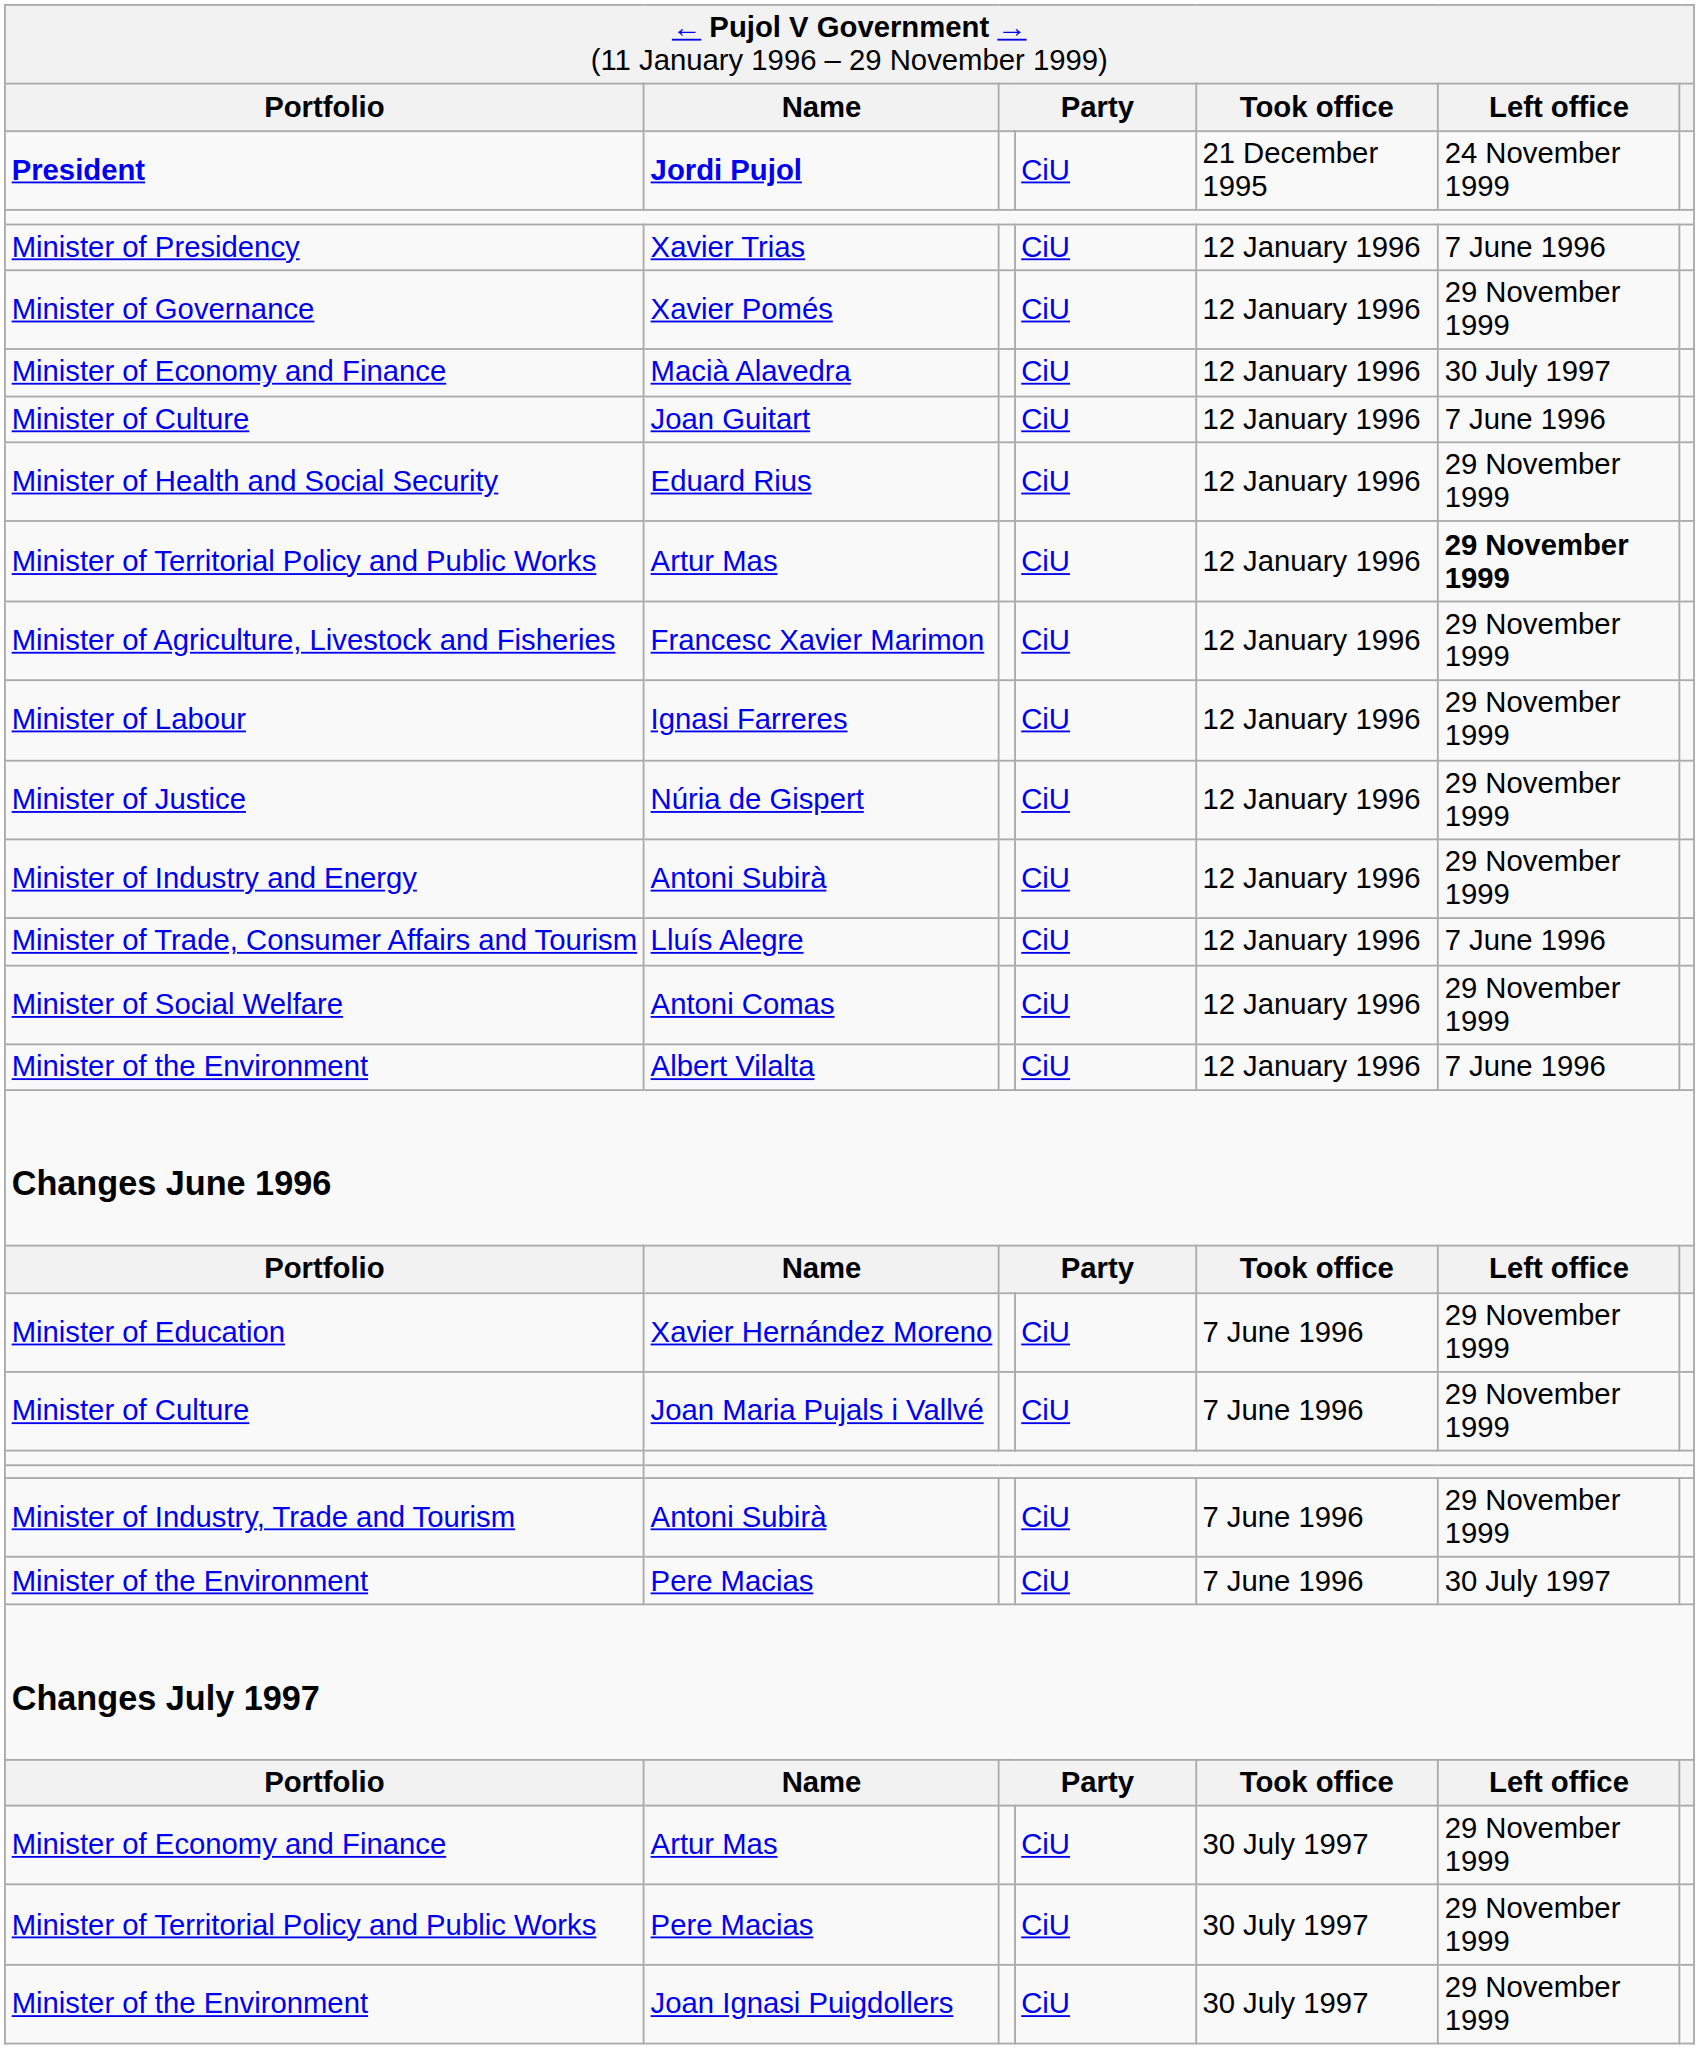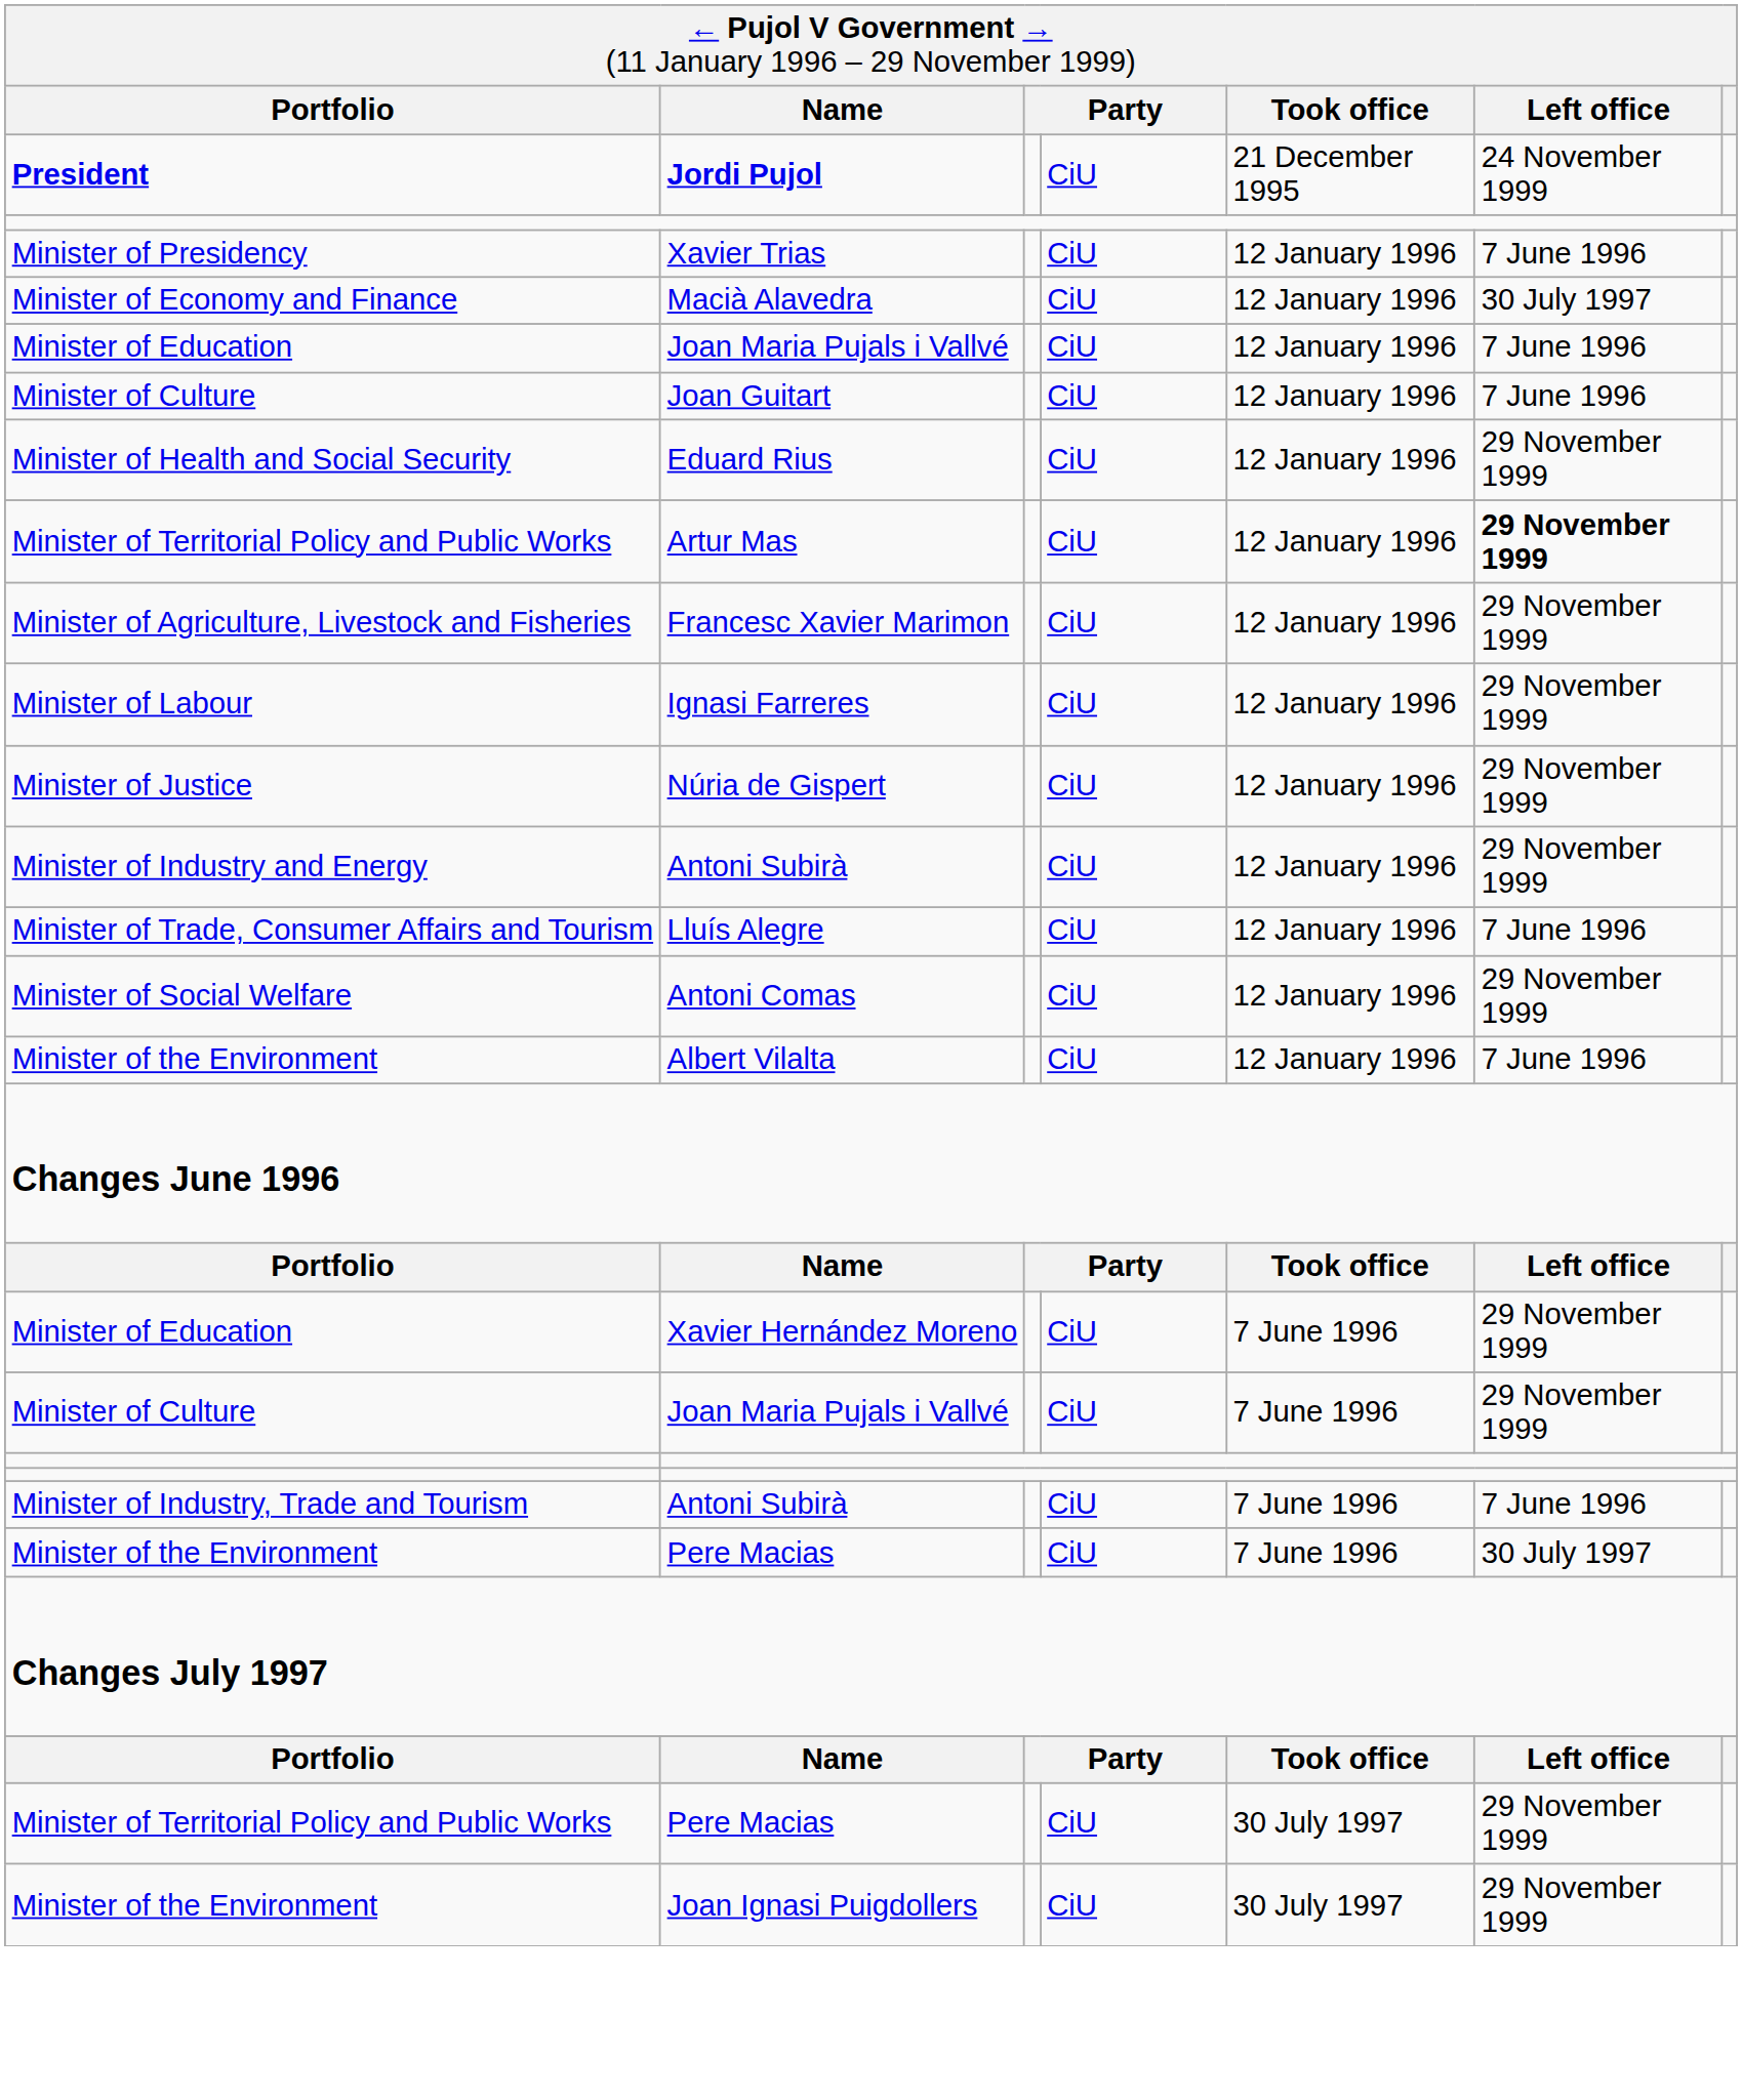 <table class="wikitable">
 <tr>
 <td colspan="7" bgcolor="#F2F2F2" align="center"><a href='#'>←</a> <strong>Pujol V Government</strong> <a href='#'>→</a><br>(11 January 1996 – 29 November 1999)</td>
 </tr>
 <tr>
 <th>Portfolio</th>
 <th>Name</th>
 <th width="100px" colspan="2">Party</th>
 <th width="125px">Took office</th>
 <th width="125px">Left office</th>
 <th></th>
 </tr>
 <tr>
 <td><strong><a href='#'>President</a></strong></td>
 <td><strong><a href='#'>Jordi Pujol</a></strong></td>
 <td width="1" style="background-color:"></td>
 <td><a href='#'>CiU</a> </td>
 <td>21 December 1995</td>
 <td>24 November 1999</td>
 <td align="center"></td>
 </tr>
 <tr>
 <td colspan="7"></td>
 </tr>
 <tr>
 <td><a href='#'>Minister of Presidency</a></td>
 <td><a href='#'>Xavier Trias</a></td>
 <td style="background-color:"></td>
 <td><a href='#'>CiU</a> </td>
 <td>12 January 1996</td>
 <td>7 June 1996</td>
 <td align="center"></td>
 </tr>
 <tr>
-<td><a href='#'>Minister of Governance</a></td>
-<td><a href='#'>Xavier Pomés</a></td>
-<td style="background-color:"></td>
-<td><a href='#'>CiU</a> </td>
-<td>12 January 1996</td>
-<td>29 November 1999</td>
-<td align="center"></td>
-</tr>
-<tr>
 <td><a href='#'>Minister of Economy and Finance</a></td>
 <td><a href='#'>Macià Alavedra</a></td>
 <td style="background-color:"></td>
 <td><a href='#'>CiU</a> </td>
 <td>12 January 1996</td>
 <td>30 July 1997</td>
+<td align="center"></td>
+</tr>
+<tr>
+<td><a href='#'>Minister of Education</a></td>
+<td><a href='#'>Joan Maria Pujals i Vallvé</a></td>
+<td style="background-color:"></td>
+<td><a href='#'>CiU</a> </td>
+<td>12 January 1996</td>
+<td>7 June 1996</td>
 <td align="center"></td>
 </tr>
 <tr>
 <td><a href='#'>Minister of Culture</a></td>
 <td><a href='#'>Joan Guitart</a></td>
 <td style="background-color:"></td>
 <td><a href='#'>CiU</a> </td>
 <td>12 January 1996</td>
 <td>7 June 1996</td>
 <td align="center"></td>
 </tr>
 <tr>
 <td><a href='#'>Minister of Health and Social Security</a></td>
 <td><a href='#'>Eduard Rius</a></td>
 <td style="background-color:"></td>
 <td><a href='#'>CiU</a> </td>
 <td>12 January 1996</td>
 <td>29 November 1999</td>
 <td align="center"></td>
 </tr>
 <tr>
 <td><a href='#'>Minister of Territorial Policy and Public Works</a></td>
 <td><a href='#'>Artur Mas</a></td>
 <td style="background-color:"></td>
 <td><a href='#'>CiU</a> </td>
 <td>12 January 1996</td>
 <td><strong>29 November 1999</strong></td>
 <td align="center"></td>
 </tr>
 <tr>
 <td><a href='#'>Minister of Agriculture, Livestock and Fisheries</a></td>
 <td><a href='#'>Francesc Xavier Marimon</a></td>
 <td style="background-color:"></td>
 <td><a href='#'>CiU</a> </td>
 <td>12 January 1996</td>
 <td>29 November 1999</td>
 <td align="center"></td>
 </tr>
 <tr>
 <td><a href='#'>Minister of Labour</a></td>
 <td><a href='#'>Ignasi Farreres</a></td>
 <td style="background-color:"></td>
 <td><a href='#'>CiU</a> </td>
 <td>12 January 1996</td>
 <td>29 November 1999</td>
 <td align="center"></td>
 </tr>
 <tr>
 <td><a href='#'>Minister of Justice</a></td>
 <td><a href='#'>Núria de Gispert</a></td>
 <td style="background-color:"></td>
 <td><a href='#'>CiU</a> </td>
 <td>12 January 1996</td>
 <td>29 November 1999</td>
 <td align="center"></td>
 </tr>
 <tr>
 <td><a href='#'>Minister of Industry and Energy</a></td>
 <td><a href='#'>Antoni Subirà</a></td>
 <td style="background-color:"></td>
 <td><a href='#'>CiU</a> </td>
 <td>12 January 1996</td>
 <td>29 November 1999</td>
 <td align="center"></td>
 </tr>
 <tr>
 <td><a href='#'>Minister of Trade, Consumer Affairs and Tourism</a></td>
 <td><a href='#'>Lluís Alegre</a></td>
 <td style="background-color:"></td>
 <td><a href='#'>CiU</a> </td>
 <td>12 January 1996</td>
 <td>7 June 1996</td>
 <td align="center"></td>
 </tr>
 <tr>
 <td><a href='#'>Minister of Social Welfare</a></td>
 <td><a href='#'>Antoni Comas</a></td>
 <td style="background-color:"></td>
 <td><a href='#'>CiU</a> </td>
 <td>12 January 1996</td>
 <td>29 November 1999</td>
 <td align="center"></td>
 </tr>
 <tr>
 <td><a href='#'>Minister of the Environment</a></td>
 <td><a href='#'>Albert Vilalta</a></td>
 <td style="background-color:"></td>
 <td><a href='#'>CiU</a> </td>
 <td>12 January 1996</td>
 <td>7 June 1996</td>
 <td align="center"></td>
 </tr>
 <tr>
 <td colspan="7"><br><h3>Changes June 1996</h3></td>
 </tr>
 <tr>
 <th>Portfolio</th>
 <th>Name</th>
 <th colspan="2">Party</th>
 <th>Took office</th>
 <th>Left office</th>
 <th></th>
 </tr>
 <tr>
 <td><a href='#'>Minister of Education</a></td>
 <td><a href='#'>Xavier Hernández Moreno</a></td>
 <td style="background-color:"></td>
 <td><a href='#'>CiU</a> </td>
 <td>7 June 1996</td>
 <td>29 November 1999</td>
 <td align="center"></td>
 </tr>
 <tr>
 <td><a href='#'>Minister of Culture</a></td>
 <td><a href='#'>Joan Maria Pujals i Vallvé</a></td>
 <td style="background-color:"></td>
 <td><a href='#'>CiU</a> </td>
 <td>7 June 1996</td>
 <td>29 November 1999</td>
 <td></td>
 </tr>
 <tr>
 <td></td>
 <td colspan="6"></td>
 </tr>
 <tr>
 <td></td>
 <td colspan="6"></td>
 </tr>
 <tr>
 <td><a href='#'>Minister of Industry, Trade and Tourism</a></td>
 <td><a href='#'>Antoni Subirà</a></td>
 <td style="background-color:"></td>
 <td><a href='#'>CiU</a> </td>
 <td>7 June 1996</td>
-<td>29 November 1999</td>
+<td>7 June 1996</td>
 <td></td>
 </tr>
 <tr>
 <td><a href='#'>Minister of the Environment</a></td>
 <td><a href='#'>Pere Macias</a></td>
 <td style="background-color:"></td>
 <td><a href='#'>CiU</a> </td>
 <td>7 June 1996</td>
 <td>30 July 1997</td>
 <td></td>
 </tr>
 <tr>
 <td colspan="7"><br><h3>Changes July 1997</h3></td>
 </tr>
 <tr>
 <th>Portfolio</th>
 <th>Name</th>
 <th colspan="2">Party</th>
 <th>Took office</th>
 <th>Left office</th>
 <th></th>
 </tr>
 <tr>
-<td><a href='#'>Minister of Economy and Finance</a></td>
-<td><a href='#'>Artur Mas</a></td>
-<td style="background-color:"></td>
-<td><a href='#'>CiU</a> </td>
-<td>30 July 1997</td>
-<td>29 November 1999</td>
-<td align="center"></td>
-</tr>
-<tr>
 <td><a href='#'>Minister of Territorial Policy and Public Works</a></td>
 <td><a href='#'>Pere Macias</a></td>
 <td style="background-color:"></td>
 <td><a href='#'>CiU</a> </td>
 <td>30 July 1997</td>
 <td>29 November 1999</td>
 <td align="center"></td>
 </tr>
 <tr>
 <td><a href='#'>Minister of the Environment</a></td>
 <td><a href='#'>Joan Ignasi Puigdollers</a></td>
 <td style="background-color:"></td>
 <td><a href='#'>CiU</a> </td>
 <td>30 July 1997</td>
 <td>29 November 1999</td>
 <td align="center"></td>
 </tr>
 </table>
